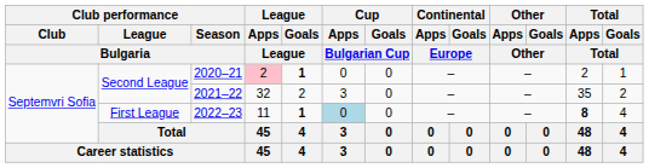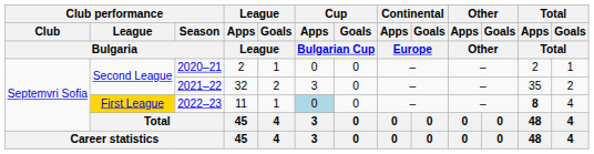 <table class="wikitable" style="text-align: center">
 <tr>
 <th Colspan="3">Club performance</th>
 <th Colspan="2">League</th>
 <th Colspan="2">Cup</th>
 <th Colspan="2">Continental</th>
 <th Colspan="2">Other</th>
 <th Colspan="3">Total</th>
 </tr>
 <tr>
 <th>Club</th>
 <th>League</th>
 <th>Season</th>
 <th>Apps</th>
 <th>Goals</th>
 <th>Apps</th>
 <th>Goals</th>
 <th>Apps</th>
 <th>Goals</th>
 <th>Apps</th>
 <th>Goals</th>
 <th>Apps</th>
 <th>Goals</th>
 </tr>
 <tr>
 <th Colspan="3">Bulgaria</th>
 <th Colspan="2">League</th>
 <th Colspan="2"><a href='#'>Bulgarian Cup</a></th>
 <th Colspan="2"><a href='#'>Europe</a></th>
 <th Colspan="2">Other</th>
 <th Colspan="2">Total</th>
 </tr>
 <tr>
 <td rowspan="4" valign="center"><a href='#'>Septemvri Sofia</a></td>
 <td rowspan="2"><a href='#'>Second League</a></td>
 <td><a href='#'>2020–21</a></td>
-<td style="background: pink;">2</td>
-<td><strong>1</strong></td>
+<td>2</td>
+<td>1</td>
 <td>0</td>
 <td>0</td>
 <td colspan="2">–</td>
 <td colspan="2">–</td>
 <td>2</td>
 <td>1</td>
 </tr>
 <tr>
 <td><a href='#'>2021–22</a></td>
 <td>32</td>
 <td>2</td>
 <td>3</td>
 <td>0</td>
 <td colspan="2">–</td>
 <td colspan="2">–</td>
 <td>35</td>
 <td>2</td>
 </tr>
 <tr>
-<td rowspan="1"><a href='#'>First League</a></td>
+<td rowspan="1" style="background: gold;"><a href='#'>First League</a></td>
 <td><a href='#'>2022–23</a></td>
 <td>11</td>
-<td><strong>1</strong></td>
+<td>1</td>
 <td style="background: lightblue;">0</td>
 <td>0</td>
 <td colspan="2">–</td>
 <td colspan="2">–</td>
 <td><strong>8</strong></td>
 <td>4</td>
 </tr>
 <tr>
 <th colspan=2>Total</th>
 <th>45</th>
 <th>4</th>
 <th>3</th>
 <th>0</th>
 <th>0</th>
 <th>0</th>
 <th>0</th>
 <th>0</th>
 <th>48</th>
 <th>4</th>
 </tr>
 <tr>
 <th colspan="3">Career statistics</th>
 <th>45</th>
 <th>4</th>
 <th>3</th>
 <th>0</th>
 <th>0</th>
 <th>0</th>
 <th>0</th>
 <th>0</th>
 <th>48</th>
 <th>4</th>
 </tr>
 </table>
